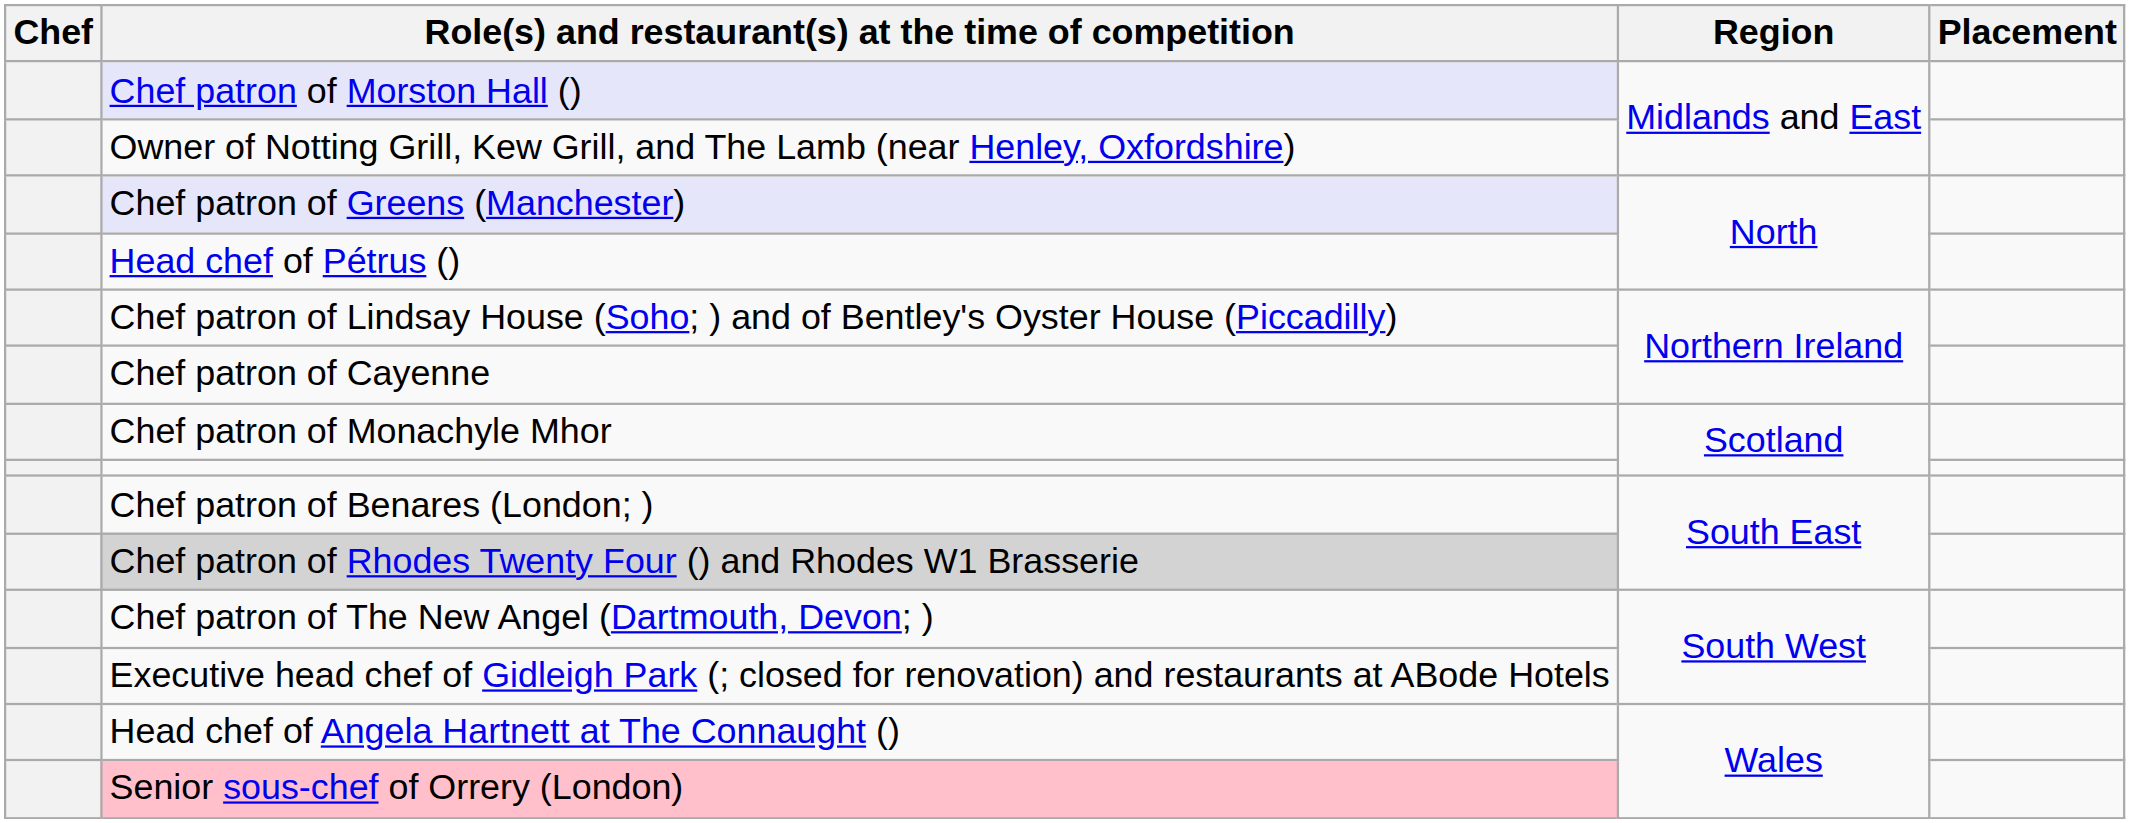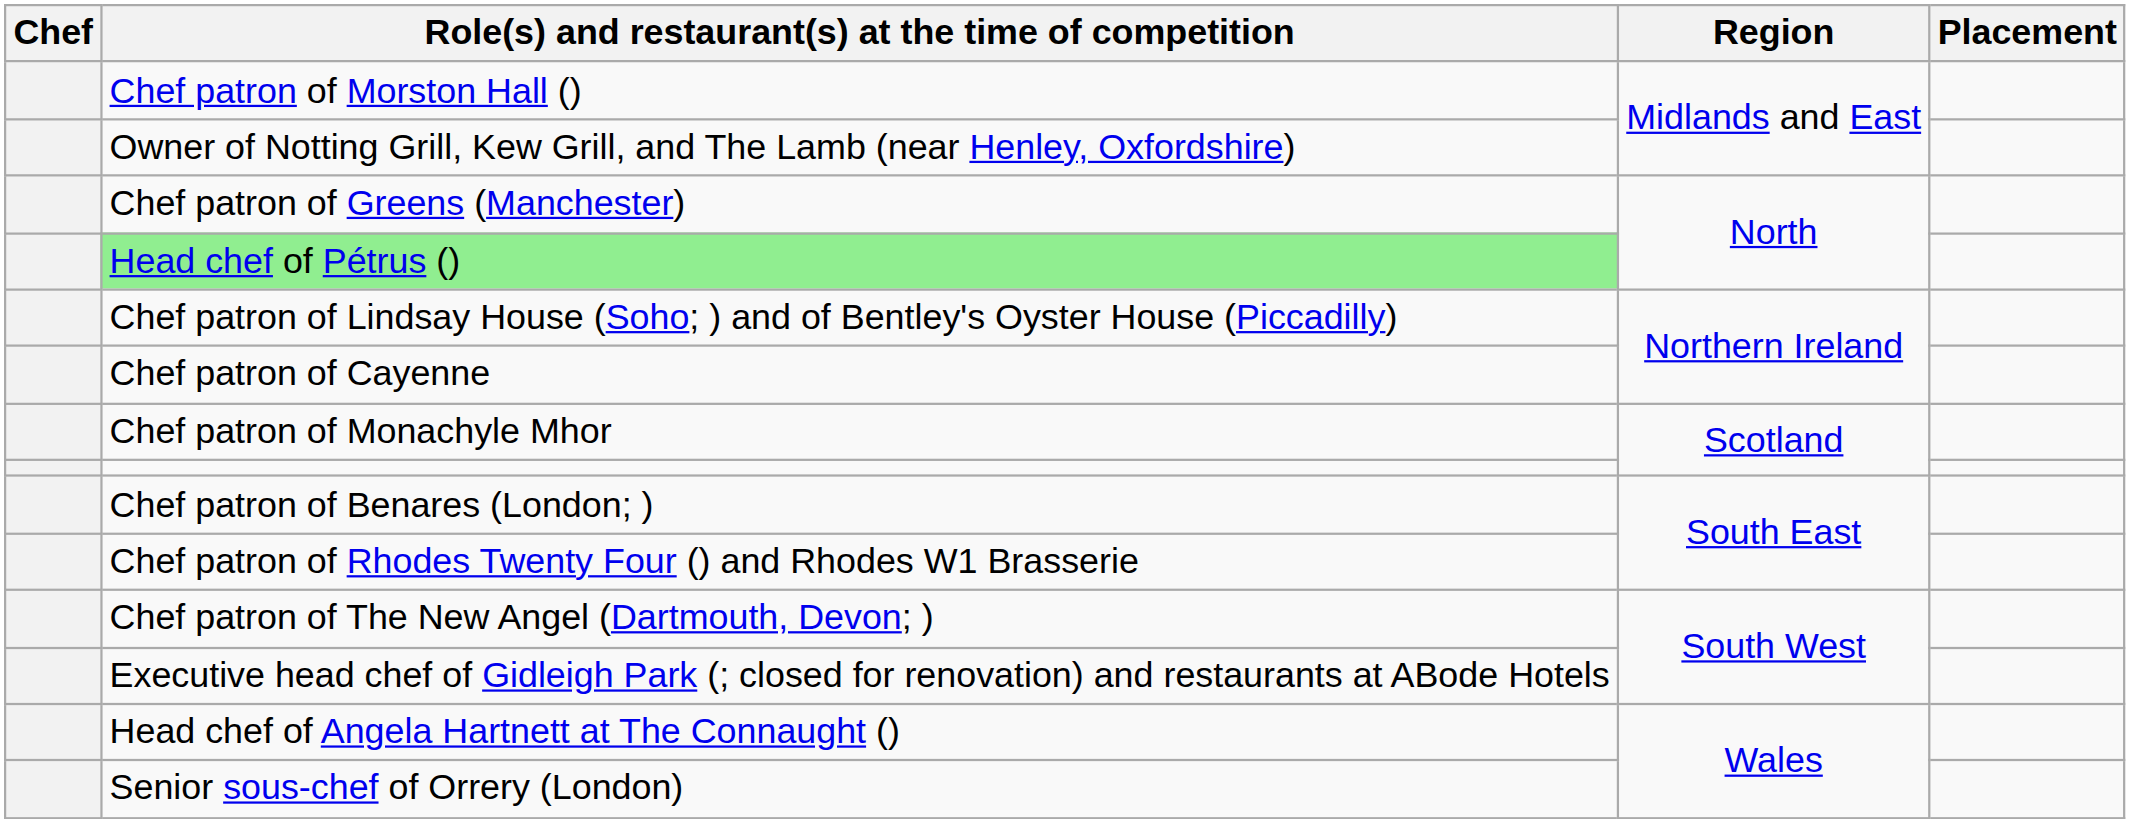 <table class="wikitable sortable" style="text-align:center;">
 <tr>
 <th scope="col">Chef</th>
 <th scope="col" class="unsortable">Role(s) and restaurant(s) at the time of competition</th>
 <th scope="col">Region</th>
 <th scope="col">Placement</th>
 </tr>
 <tr>
 <th scope="row"></th>
-<td align="left" style="background: lavender;"><a href='#'>Chef patron</a> of <a href='#'>Morston Hall</a> ()</td>
+<td align="left"><a href='#'>Chef patron</a> of <a href='#'>Morston Hall</a> ()</td>
 <td rowspan="2"><a href='#'>Midlands</a> and <a href='#'>East</a></td>
 <td></td>
 </tr>
 <tr>
 <th scope="row"></th>
 <td align="left">Owner of Notting Grill, Kew Grill, and The Lamb (near <a href='#'>Henley, Oxfordshire</a>)</td>
 <td></td>
 </tr>
 <tr>
 <th scope="row"></th>
-<td align="left" style="background: lavender;">Chef patron of <a href='#'>Greens</a> (<a href='#'>Manchester</a>)</td>
+<td align="left">Chef patron of <a href='#'>Greens</a> (<a href='#'>Manchester</a>)</td>
 <td rowspan="2"><a href='#'>North</a></td>
 <td></td>
 </tr>
 <tr>
 <th scope="row"></th>
-<td align="left"><a href='#'>Head chef</a> of <a href='#'>Pétrus</a> ()</td>
+<td align="left" style="background: lightgreen;"><a href='#'>Head chef</a> of <a href='#'>Pétrus</a> ()</td>
 <td></td>
 </tr>
 <tr>
 <th scope="row"></th>
 <td align="left">Chef patron of Lindsay House (<a href='#'>Soho</a>; ) and of Bentley's Oyster House (<a href='#'>Piccadilly</a>)</td>
 <td rowspan="2"><a href='#'>Northern Ireland</a></td>
 <td></td>
 </tr>
 <tr>
 <th scope="row"></th>
 <td align="left">Chef patron of Cayenne</td>
 <td></td>
 </tr>
 <tr>
 <th scope="row"></th>
 <td align="left">Chef patron of Monachyle Mhor</td>
 <td rowspan="2"><a href='#'>Scotland</a></td>
 <td></td>
 </tr>
 <tr>
 <th scope="row"></th>
 <td></td>
 <td></td>
 </tr>
 <tr>
 <th scope="row"></th>
 <td align="left">Chef patron of Benares (London; )</td>
 <td rowspan="2"><a href='#'>South East</a></td>
 <td></td>
 </tr>
 <tr>
 <th scope="row"></th>
-<td align="left" style="background: lightgrey;">Chef patron of <a href='#'>Rhodes Twenty Four</a> () and Rhodes W1 Brasserie</td>
+<td align="left">Chef patron of <a href='#'>Rhodes Twenty Four</a> () and Rhodes W1 Brasserie</td>
 <td></td>
 </tr>
 <tr>
 <th scope="row"></th>
 <td align="left">Chef patron of The New Angel (<a href='#'>Dartmouth, Devon</a>; )</td>
 <td rowspan="2"><a href='#'>South West</a></td>
 <td></td>
 </tr>
 <tr>
 <th scope="row"></th>
 <td align="left">Executive head chef of <a href='#'>Gidleigh Park</a> (; closed for renovation) and restaurants at ABode Hotels</td>
 <td></td>
 </tr>
 <tr>
 <th scope="row"></th>
 <td align="left">Head chef of <a href='#'>Angela Hartnett at The Connaught</a> ()</td>
 <td rowspan="2"><a href='#'>Wales</a></td>
 <td></td>
 </tr>
 <tr>
 <th scope="row"></th>
-<td align="left" style="background: pink;">Senior <a href='#'>sous-chef</a> of Orrery (London)</td>
+<td align="left">Senior <a href='#'>sous-chef</a> of Orrery (London)</td>
 <td></td>
 </tr>
 </table>
